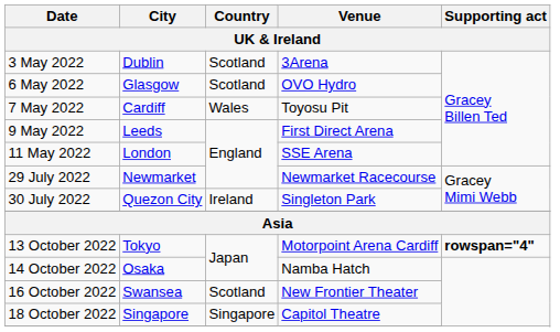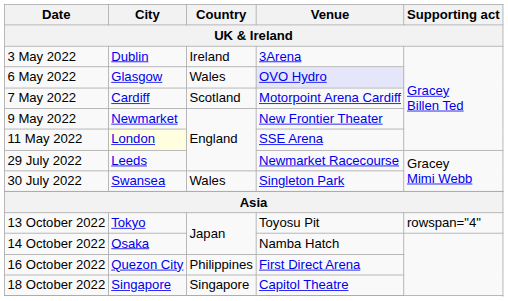 <table class="wikitable">
 <tr>
 <th>Date</th>
 <th>City</th>
 <th>Country</th>
 <th>Venue</th>
 <th>Supporting act</th>
 </tr>
 <tr>
 <th colspan="5">UK & Ireland</th>
 </tr>
 <tr>
 <td>3 May 2022</td>
 <td><a href='#'>Dublin</a></td>
-<td>Scotland</td>
+<td>Ireland</td>
 <td><a href='#'>3Arena</a></td>
 <td rowspan="5"><a href='#'>Gracey</a><br><a href='#'>Billen Ted</a></td>
 </tr>
 <tr>
 <td>6 May 2022</td>
 <td><a href='#'>Glasgow</a></td>
-<td>Scotland</td>
-<td><a href='#'>OVO Hydro</a></td>
+<td>Wales</td>
+<td style="background: lavender;"><a href='#'>OVO Hydro</a></td>
 </tr>
 <tr>
 <td>7 May 2022</td>
 <td><a href='#'>Cardiff</a></td>
-<td>Wales</td>
-<td>Toyosu Pit</td>
+<td>Scotland</td>
+<td><a href='#'>Motorpoint Arena Cardiff</a></td>
 </tr>
 <tr>
 <td>9 May 2022</td>
-<td><a href='#'>Leeds</a></td>
+<td><a href='#'>Newmarket</a></td>
 <td rowspan="3">England</td>
-<td><a href='#'>First Direct Arena</a></td>
+<td><a href='#'>New Frontier Theater</a></td>
 </tr>
 <tr>
 <td>11 May 2022</td>
-<td><a href='#'>London</a></td>
+<td style="background: lightyellow;"><a href='#'>London</a></td>
 <td><a href='#'>SSE Arena</a></td>
 </tr>
 <tr>
 <td>29 July 2022</td>
-<td><a href='#'>Newmarket</a></td>
+<td><a href='#'>Leeds</a></td>
 <td><a href='#'>Newmarket Racecourse</a></td>
 <td rowspan="2">Gracey<br><a href='#'>Mimi Webb</a></td>
 </tr>
 <tr>
 <td>30 July 2022</td>
-<td><a href='#'>Quezon City</a></td>
-<td>Ireland</td>
+<td><a href='#'>Swansea</a></td>
+<td>Wales</td>
 <td><a href='#'>Singleton Park</a></td>
 </tr>
 <tr>
 </tr>
 <tr>
 <th colspan="6">Asia</th>
 </tr>
 <tr>
 <td>13 October 2022</td>
 <td><a href='#'>Tokyo</a></td>
 <td rowspan="2">Japan</td>
-<td><a href='#'>Motorpoint Arena Cardiff</a></td>
-<td><strong>rowspan="4" </strong></td>
+<td>Toyosu Pit</td>
+<td>rowspan="4" </td>
 </tr>
 <tr>
 <td>14 October 2022</td>
 <td><a href='#'>Osaka</a></td>
 <td>Namba Hatch</td>
 </tr>
 <tr>
 <td>16 October 2022</td>
-<td><a href='#'>Swansea</a></td>
-<td>Scotland</td>
-<td><a href='#'>New Frontier Theater</a></td>
+<td><a href='#'>Quezon City</a></td>
+<td>Philippines</td>
+<td><a href='#'>First Direct Arena</a></td>
 </tr>
 <tr>
 <td>18 October 2022</td>
 <td><a href='#'>Singapore</a></td>
 <td>Singapore</td>
 <td><a href='#'>Capitol Theatre</a></td>
 </tr>
 <tr>
 </tr>
 </table>
